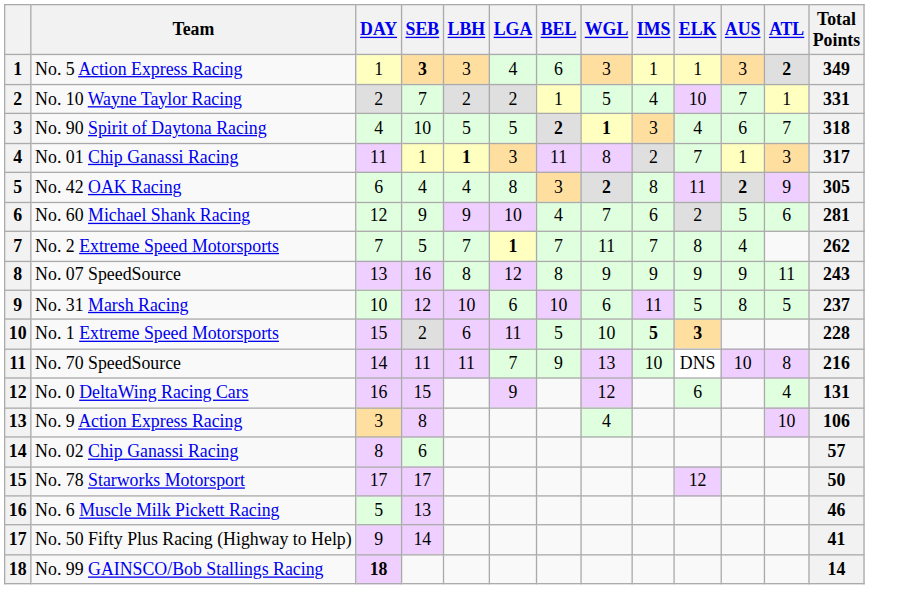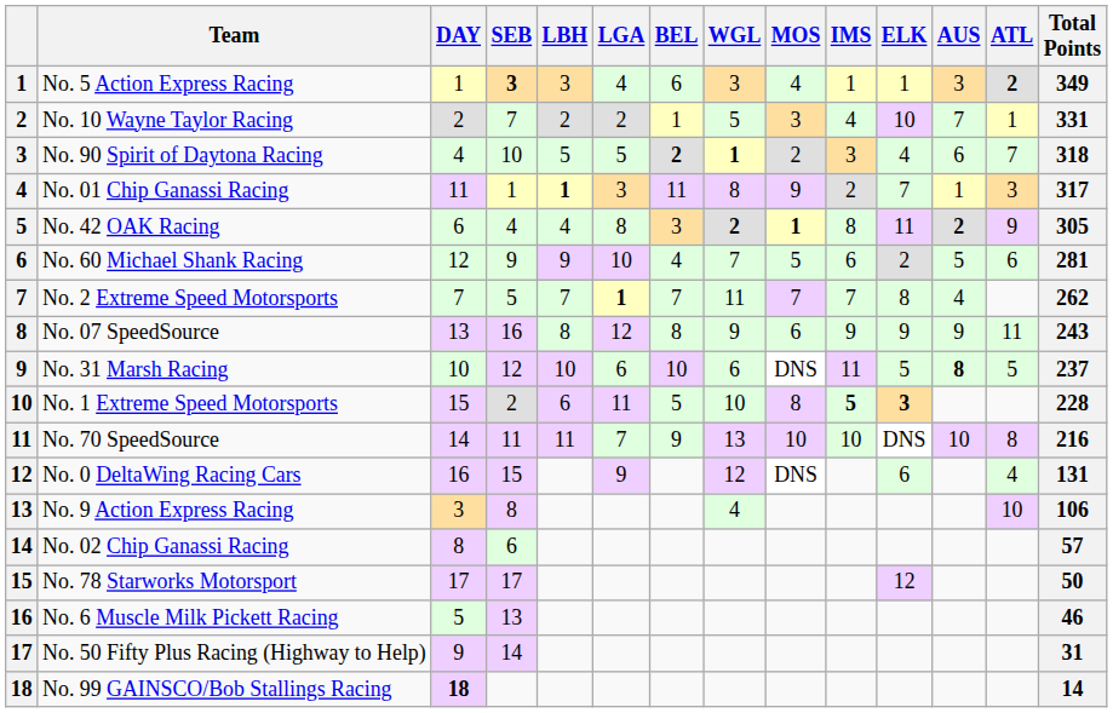 <table class="wikitable" style="font-size:85%; text-align:center">
 <tr>
 <th valign="middle"></th>
 <th valign="middle">Team</th>
 <th><a href='#'>DAY</a></th>
 <th><a href='#'>SEB</a></th>
 <th><a href='#'>LBH</a></th>
 <th><a href='#'>LGA</a></th>
 <th><a href='#'>BEL</a></th>
 <th><a href='#'>WGL</a></th>
+<th><a href='#'>MOS</a></th>
 <th><a href='#'>IMS</a></th>
 <th><a href='#'>ELK</a></th>
 <th><a href='#'>AUS</a></th>
 <th><a href='#'>ATL</a></th>
 <th valign="middle">Total<br>Points</th>
 </tr>
 <tr>
 <th>1</th>
 <td align="left">No. 5 <a href='#'>Action Express Racing</a></td>
 <td style="background:#FFFFBF;">1</td>
 <td style="background:#FFDF9F;"><strong>3</strong></td>
 <td style="background:#FFDF9F;">3</td>
 <td style="background:#DFFFDF;">4</td>
 <td style="background:#DFFFDF;">6</td>
 <td style="background:#FFDF9F;">3</td>
+<td style="background:#DFFFDF;">4</td>
 <td style="background:#FFFFBF;">1</td>
 <td style="background:#FFFFBF;">1</td>
 <td style="background:#FFDF9F;">3</td>
 <td style="background:#DFDFDF;"><strong>2</strong></td>
 <th>349</th>
 </tr>
 <tr>
 <th>2</th>
 <td align="left">No. 10 <a href='#'>Wayne Taylor Racing</a></td>
 <td style="background:#DFDFDF;">2</td>
 <td style="background:#DFFFDF;">7</td>
 <td style="background:#DFDFDF;">2</td>
 <td style="background:#DFDFDF;">2</td>
 <td style="background:#FFFFBF;">1</td>
 <td style="background:#DFFFDF;">5</td>
+<td style="background:#FFDF9F;">3</td>
 <td style="background:#DFFFDF;">4</td>
 <td style="background:#efcfff;">10</td>
 <td style="background:#DFFFDF;">7</td>
 <td style="background:#FFFFBF;">1</td>
 <th>331</th>
 </tr>
 <tr>
 <th>3</th>
 <td align="left">No. 90 <a href='#'>Spirit of Daytona Racing</a></td>
 <td style="background:#DFFFDF;">4</td>
 <td style="background:#DFFFDF;">10</td>
 <td style="background:#DFFFDF;">5</td>
 <td style="background:#DFFFDF;">5</td>
 <td style="background:#DFDFDF;"><strong>2</strong></td>
 <td style="background:#FFFFBF;"><strong>1</strong></td>
+<td style="background:#DFDFDF;">2</td>
 <td style="background:#FFDF9F;">3</td>
 <td style="background:#DFFFDF;">4</td>
 <td style="background:#DFFFDF;">6</td>
 <td style="background:#DFFFDF;">7</td>
 <th>318</th>
 </tr>
 <tr>
 <th>4</th>
 <td align="left">No. 01 <a href='#'>Chip Ganassi Racing</a></td>
 <td style="background:#efcfff;">11</td>
 <td style="background:#FFFFBF;">1</td>
 <td style="background:#FFFFBF;"><strong>1</strong></td>
 <td style="background:#FFDF9F;">3</td>
 <td style="background:#efcfff;">11</td>
 <td style="background:#efcfff;">8</td>
+<td style="background:#efcfff;">9</td>
 <td style="background:#DFDFDF;">2</td>
 <td style="background:#DFFFDF;">7</td>
 <td style="background:#FFFFBF;">1</td>
 <td style="background:#FFDF9F;">3</td>
 <th>317</th>
 </tr>
 <tr>
 <th>5</th>
 <td align="left">No. 42 <a href='#'>OAK Racing</a></td>
 <td style="background:#DFFFDF;">6</td>
 <td style="background:#DFFFDF;">4</td>
 <td style="background:#DFFFDF;">4</td>
 <td style="background:#DFFFDF;">8</td>
 <td style="background:#FFDF9F;">3</td>
 <td style="background:#DFDFDF;"><strong>2</strong></td>
+<td style="background:#FFFFBF;"><strong>1</strong></td>
 <td style="background:#DFFFDF;">8</td>
 <td style="background:#efcfff;">11</td>
 <td style="background:#DFDFDF;"><strong>2</strong></td>
 <td style="background:#efcfff;">9</td>
 <th>305</th>
 </tr>
 <tr>
 <th>6</th>
 <td align="left">No. 60 <a href='#'>Michael Shank Racing</a></td>
 <td style="background:#DFFFDF;">12</td>
 <td style="background:#DFFFDF;">9</td>
 <td style="background:#efcfff;">9</td>
 <td style="background:#efcfff;">10</td>
 <td style="background:#DFFFDF;">4</td>
 <td style="background:#DFFFDF;">7</td>
+<td style="background:#DFFFDF;">5</td>
 <td style="background:#DFFFDF;">6</td>
 <td style="background:#DFDFDF;">2</td>
 <td style="background:#DFFFDF;">5</td>
 <td style="background:#DFFFDF;">6</td>
 <th>281</th>
 </tr>
 <tr>
 <th>7</th>
 <td align="left">No. 2 <a href='#'>Extreme Speed Motorsports</a></td>
 <td style="background:#DFFFDF;">7</td>
 <td style="background:#DFFFDF;">5</td>
 <td style="background:#DFFFDF;">7</td>
 <td style="background:#FFFFBF;"><strong>1</strong></td>
 <td style="background:#DFFFDF;">7</td>
 <td style="background:#DFFFDF;">11</td>
+<td style="background:#efcfff;">7</td>
 <td style="background:#DFFFDF;">7</td>
 <td style="background:#DFFFDF;">8</td>
 <td style="background:#DFFFDF;">4</td>
 <td></td>
 <th>262</th>
 </tr>
 <tr>
 <th>8</th>
 <td align="left">No. 07 SpeedSource</td>
 <td style="background:#efcfff;">13</td>
 <td style="background:#efcfff;">16</td>
 <td style="background:#DFFFDF;">8</td>
 <td style="background:#efcfff;">12</td>
 <td style="background:#DFFFDF;">8</td>
 <td style="background:#DFFFDF;">9</td>
+<td style="background:#DFFFDF;">6</td>
 <td style="background:#DFFFDF;">9</td>
 <td style="background:#DFFFDF;">9</td>
 <td style="background:#DFFFDF;">9</td>
 <td style="background:#DFFFDF;">11</td>
 <th>243</th>
 </tr>
 <tr>
 <th>9</th>
 <td align="left">No. 31 <a href='#'>Marsh Racing</a></td>
 <td style="background:#DFFFDF;">10</td>
 <td style="background:#efcfff;">12</td>
 <td style="background:#efcfff;">10</td>
 <td style="background:#DFFFDF;">6</td>
 <td style="background:#efcfff;">10</td>
 <td style="background:#DFFFDF;">6</td>
+<td style="background:#ffffff;">DNS</td>
 <td style="background:#efcfff;">11</td>
 <td style="background:#DFFFDF;">5</td>
-<td style="background:#DFFFDF;">8</td>
+<td style="background:#DFFFDF;"><strong>8</strong></td>
 <td style="background:#DFFFDF;">5</td>
 <th>237</th>
 </tr>
 <tr>
 <th>10</th>
 <td align="left">No. 1 <a href='#'>Extreme Speed Motorsports</a></td>
 <td style="background:#efcfff;">15</td>
 <td style="background:#DFDFDF;">2</td>
 <td style="background:#efcfff;">6</td>
 <td style="background:#efcfff;">11</td>
 <td style="background:#DFFFDF;">5</td>
 <td style="background:#DFFFDF;">10</td>
+<td style="background:#efcfff;">8</td>
 <td style="background:#DFFFDF;"><strong>5</strong></td>
 <td style="background:#FFDF9F;"><strong>3</strong></td>
 <td></td>
 <td></td>
 <th>228</th>
 </tr>
 <tr>
 <th>11</th>
 <td align="left">No. 70 SpeedSource</td>
 <td style="background:#EFCFFF;">14</td>
 <td style="background:#EFCFFF;">11</td>
 <td style="background:#EFCFFF;">11</td>
 <td style="background:#DFFFDF;">7</td>
 <td style="background:#DFFFDF;">9</td>
 <td style="background:#EFCFFF;">13</td>
+<td style="background:#EFCFFF;">10</td>
 <td style="background:#DFFFDF;">10</td>
 <td style="background:#ffffff;”">DNS</td>
 <td style="background:#EFCFFF;">10</td>
 <td style="background:#EFCFFF;">8</td>
 <th>216</th>
 </tr>
 <tr>
 <th>12</th>
 <td align="left">No. 0 <a href='#'>DeltaWing Racing Cars</a></td>
 <td style="background:#EFCFFF;">16</td>
 <td style="background:#EFCFFF;">15</td>
 <td></td>
 <td style="background:#EFCFFF;">9</td>
 <td></td>
 <td style="background:#EFCFFF;">12</td>
+<td style="background:#ffffff;”">DNS</td>
 <td></td>
 <td style="background:#DFFFDF;">6</td>
 <td></td>
 <td style="background:#DFFFDF;">4</td>
 <th>131</th>
 </tr>
 <tr>
 <th>13</th>
 <td align="left">No. 9 <a href='#'>Action Express Racing</a></td>
 <td style="background:#FFDF9F;”">3</td>
 <td style="background:#EFCFFF;">8</td>
 <td></td>
 <td></td>
 <td></td>
 <td style="background:#DFFFDF;">4</td>
+<td></td>
 <td></td>
 <td></td>
 <td></td>
 <td style="background:#EFCFFF;">10</td>
 <th>106</th>
 </tr>
 <tr>
 <th>14</th>
 <td align="left">No. 02 <a href='#'>Chip Ganassi Racing</a></td>
 <td style="background:#EFCFFF;">8</td>
 <td style="background:#DFFFDF;">6</td>
 <td></td>
 <td></td>
 <td></td>
 <td></td>
 <td></td>
 <td></td>
 <td></td>
 <td></td>
+<td></td>
 <th>57</th>
 </tr>
 <tr>
 <th>15</th>
 <td align="left">No. 78 <a href='#'>Starworks Motorsport</a></td>
 <td style="background:#EFCFFF;">17</td>
 <td style="background:#EFCFFF;">17</td>
+<td></td>
 <td></td>
 <td></td>
 <td></td>
 <td></td>
 <td></td>
 <td style="background:#EFCFFF;">12</td>
 <td></td>
 <td></td>
 <th>50</th>
 </tr>
 <tr>
 <th>16</th>
 <td align="left">No. 6 <a href='#'>Muscle Milk Pickett Racing</a></td>
 <td style="background:#DFFFDF;">5</td>
 <td style="background:#EFCFFF;">13</td>
 <td></td>
 <td></td>
 <td></td>
 <td></td>
 <td></td>
 <td></td>
 <td></td>
 <td></td>
+<td></td>
 <th>46</th>
 </tr>
 <tr>
 <th>17</th>
 <td align="left">No. 50 Fifty Plus Racing (Highway to Help)</td>
 <td style="background:#EFCFFF;">9</td>
 <td style="background:#EFCFFF;">14</td>
 <td></td>
 <td></td>
 <td></td>
 <td></td>
 <td></td>
 <td></td>
 <td></td>
 <td></td>
-<th>41</th>
+<td></td>
+<th>31</th>
 </tr>
 <tr>
 <th>18</th>
 <td align="left">No. 99 <a href='#'>GAINSCO/Bob Stallings Racing</a></td>
 <td style="background:#EFCFFF;"><strong>18</strong></td>
 <td></td>
 <td></td>
 <td></td>
 <td></td>
 <td></td>
 <td></td>
 <td></td>
 <td></td>
 <td></td>
+<td></td>
 <th>14</th>
 </tr>
 </table>
